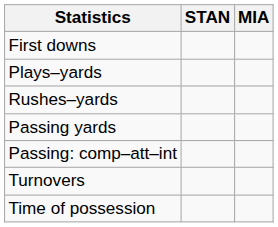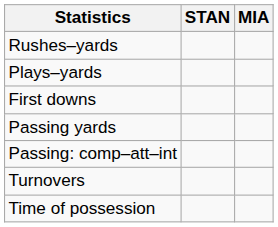 <table class="wikitable" style="float:left">
 <tr>
 <th>Statistics</th>
 <th>STAN</th>
 <th>MIA</th>
 </tr>
 <tr>
-<td>First downs</td>
+<td>Rushes–yards</td>
 <td></td>
 <td></td>
 </tr>
 <tr>
 <td>Plays–yards</td>
 <td></td>
 <td></td>
 </tr>
 <tr>
-<td>Rushes–yards</td>
+<td>First downs</td>
 <td></td>
 <td></td>
 </tr>
 <tr>
 <td>Passing yards</td>
 <td></td>
 <td></td>
 </tr>
 <tr>
 <td>Passing: comp–att–int</td>
 <td></td>
 <td></td>
 </tr>
 <tr>
 <td>Turnovers</td>
 <td></td>
 <td></td>
 </tr>
 <tr>
 <td>Time of possession</td>
 <td></td>
 <td></td>
 </tr>
 </table>
